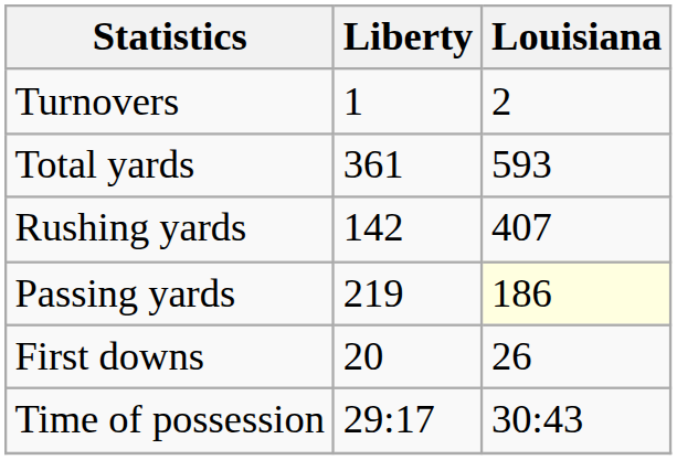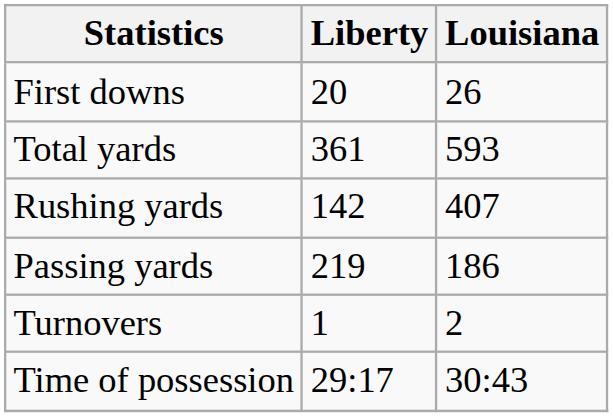 <table class="wikitable">
 <tr>
 <th>Statistics</th>
 <th>Liberty</th>
 <th>Louisiana</th>
 </tr>
 <tr>
-<td>Turnovers</td>
-<td>1</td>
-<td>2</td>
+<td>First downs</td>
+<td>20</td>
+<td>26</td>
 </tr>
 <tr>
 <td>Total yards</td>
 <td>361</td>
 <td>593</td>
 </tr>
 <tr>
 <td>Rushing yards</td>
 <td>142</td>
 <td>407</td>
 </tr>
 <tr>
 <td>Passing yards</td>
 <td>219</td>
-<td style="background: lightyellow;">186</td>
+<td>186</td>
 </tr>
 <tr>
-<td>First downs</td>
-<td>20</td>
-<td>26</td>
+<td>Turnovers</td>
+<td>1</td>
+<td>2</td>
 </tr>
 <tr>
 <td>Time of possession</td>
 <td>29:17</td>
 <td>30:43</td>
 </tr>
 <tr>
 </tr>
 </table>
